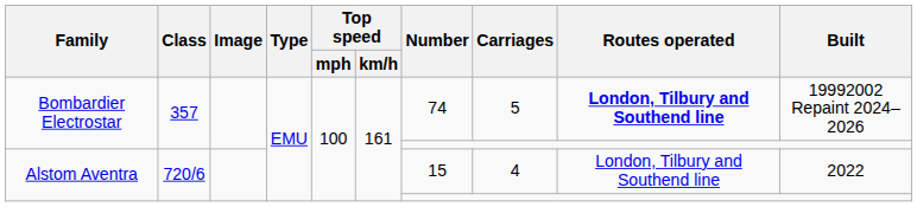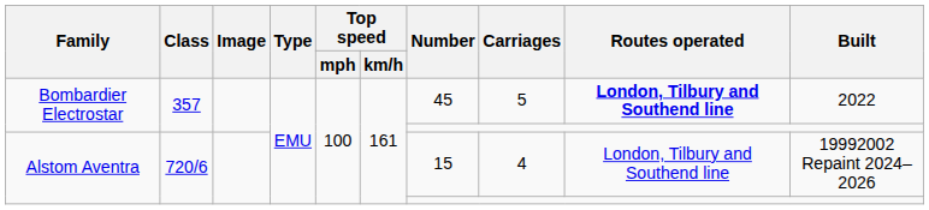 <table class="wikitable">
 <tr style="background:#f9f9f9;">
 <th rowspan="2">Family</th>
 <th rowspan="2">Class</th>
 <th rowspan="2">Image</th>
 <th rowspan="2">Type</th>
 <th colspan="2">Top speed</th>
 <th rowspan="2">Number</th>
 <th rowspan="2">Carriages</th>
 <th rowspan="2">Routes operated</th>
 <th rowspan="2">Built</th>
 </tr>
 <tr style="background:#f9f9f9;">
 <th>mph</th>
 <th>km/h</th>
 </tr>
 <tr>
 <td rowspan="2" align="center"><a href='#'>Bombardier Electrostar</a></td>
 <td rowspan="2" align="center"><a href='#'>357</a></td>
 <td rowspan="2" align="center"><br></td>
 <td rowspan="4" align="center"><a href='#'>EMU</a></td>
 <td rowspan="4" align="center">100</td>
 <td rowspan="4" align="center">161</td>
-<td align="center">74</td>
+<td align="center">45</td>
 <td align="center">5</td>
 <td align="center"><strong><a href='#'>London, Tilbury and Southend line</a></strong></td>
-<td align="center">19992002<br>Repaint 2024–2026</td>
+<td align="center">2022</td>
 </tr>
 <tr>
 <td colspan="4"></td>
 </tr>
 <tr>
 <td rowspan="2" align="center"><a href='#'>Alstom Aventra</a></td>
 <td rowspan="2" align="center"><a href='#'>720/6</a></td>
 <td rowspan="2" align="center"></td>
 <td align="center">15</td>
 <td align="center">4</td>
 <td align="center"><a href='#'>London, Tilbury and Southend line</a></td>
-<td align="center">2022</td>
+<td align="center">19992002<br>Repaint 2024–2026</td>
 </tr>
 <tr>
 <td colspan="4"></td>
 </tr>
 </table>
